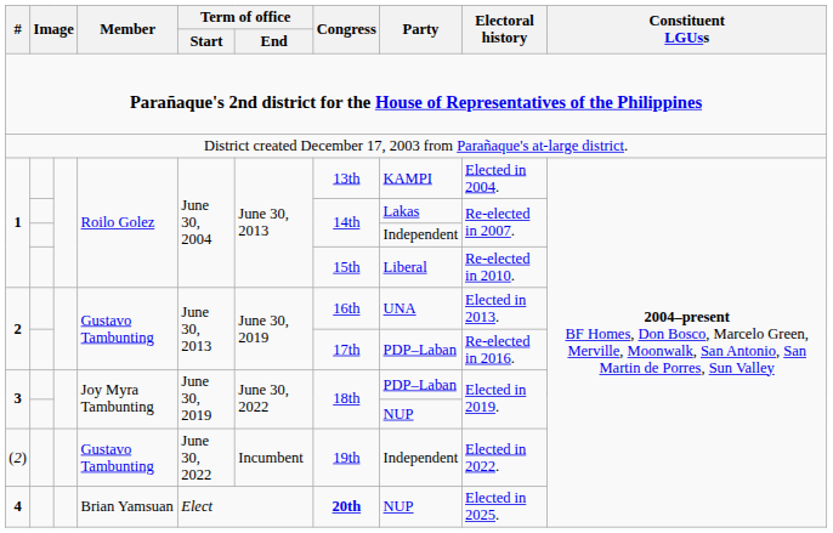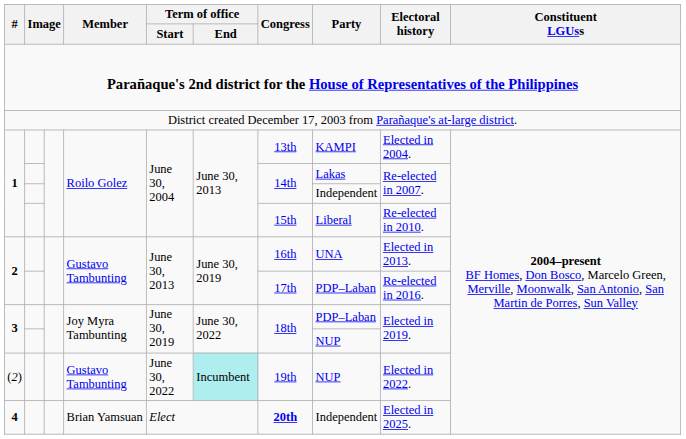 <table class=wikitable>
 <tr>
 <th rowspan="2">#</th>
 <th rowspan="2" colspan=2>Image</th>
 <th rowspan="2">Member</th>
 <th colspan=2>Term of office</th>
 <th rowspan="2">Congress</th>
 <th rowspan="2">Party</th>
 <th rowspan="2">Electoral history</th>
 <th rowspan="2">Constituent<br><a href='#'>LGUs</a>s</th>
 </tr>
 <tr>
 <th>Start</th>
 <th>End</th>
 </tr>
 <tr>
 <td colspan="10" style="text-align:center;"><br><h3>Parañaque's 2nd district for the <a href='#'>House of Representatives of the Philippines</a></h3></td>
 </tr>
 <tr>
 <td colspan="10" style="text-align:center;">District created December 17, 2003 from <a href='#'>Parañaque's at-large district</a>.</td>
 </tr>
 <tr>
 <td rowspan="4" style="text-align:center;"><strong>1</strong></td>
 <td style="color:inherit;background:"></td>
 <td rowspan="4"></td>
 <td rowspan="4"><a href='#'>Roilo Golez</a></td>
 <td rowspan="4">June 30, 2004</td>
 <td rowspan="4">June 30, 2013</td>
 <td style="text-align:center;"><a href='#'>13th</a></td>
 <td><a href='#'>KAMPI</a></td>
 <td><a href='#'>Elected in 2004</a>.</td>
 <td rowspan="10" style="text-align:center;"><strong>2004–present</strong><br><a href='#'>BF Homes</a>, <a href='#'>Don Bosco</a>, Marcelo Green, <a href='#'>Merville</a>, <a href='#'>Moonwalk</a>, <a href='#'>San Antonio</a>, <a href='#'>San Martin de Porres</a>, <a href='#'>Sun Valley</a></td>
 </tr>
 <tr>
 <td style="color:inherit;background:"></td>
 <td style="text-align:center;" rowspan="2"><a href='#'>14th</a></td>
 <td><a href='#'>Lakas</a></td>
 <td rowspan="2"><a href='#'>Re-elected in 2007</a>.</td>
 </tr>
 <tr>
 <td style="color:inherit;background:"></td>
 <td>Independent</td>
 </tr>
 <tr>
 <td style="color:inherit;background:"></td>
 <td style="text-align:center;"><a href='#'>15th</a></td>
 <td><a href='#'>Liberal</a></td>
 <td><a href='#'>Re-elected in 2010</a>.</td>
 </tr>
 <tr>
 <td rowspan="2" style="text-align:center;"><strong>2</strong></td>
 <td style="color:inherit;background:"></td>
 <td rowspan="2"></td>
 <td rowspan="2"><a href='#'>Gustavo Tambunting</a></td>
 <td rowspan="2">June 30, 2013</td>
 <td rowspan="2">June 30, 2019</td>
 <td style="text-align:center;"><a href='#'>16th</a></td>
 <td><a href='#'>UNA</a></td>
 <td><a href='#'>Elected in 2013</a>.</td>
 </tr>
 <tr>
 <td style="color:inherit;background:"></td>
 <td style="text-align:center;"><a href='#'>17th</a></td>
 <td><a href='#'>PDP–Laban</a></td>
 <td><a href='#'>Re-elected in 2016</a>.</td>
 </tr>
 <tr>
 <td style="text-align:center;" rowspan="2"><strong>3</strong></td>
 <td style="color:inherit;background:"></td>
 <td rowspan="2"></td>
 <td rowspan="2">Joy Myra Tambunting</td>
 <td rowspan="2">June 30, 2019</td>
 <td rowspan="2">June 30, 2022</td>
 <td style="text-align:center;" rowspan="2"><a href='#'>18th</a></td>
 <td><a href='#'>PDP–Laban</a></td>
 <td rowspan="2"><a href='#'>Elected in 2019</a>.</td>
 </tr>
 <tr>
 <td style="color:inherit;background:"></td>
 <td><a href='#'>NUP</a></td>
 </tr>
 <tr>
 <td style="text-align:center;">(<em>2</em>)</td>
 <td style="color:inherit;background:"></td>
 <td></td>
 <td><a href='#'>Gustavo Tambunting</a></td>
 <td>June 30, 2022</td>
-<td>Incumbent</td>
+<td style="background: paleturquoise;">Incumbent</td>
 <td style="text-align:center;"><a href='#'>19th</a></td>
-<td>Independent</td>
+<td><a href='#'>NUP</a></td>
 <td><a href='#'>Elected in 2022</a>.</td>
 </tr>
 <tr>
 <td style="text-align:center;"><strong>4</strong></td>
 <td style="color:inherit;background:"></td>
 <td></td>
 <td>Brian Yamsuan</td>
 <td colspan="2"><em>Elect</em></td>
 <td style="text-align:center;"><strong><a href='#'>20th</a></strong></td>
-<td><a href='#'>NUP</a></td>
+<td>Independent</td>
 <td><a href='#'>Elected in 2025</a>.</td>
 </tr>
 </table>
